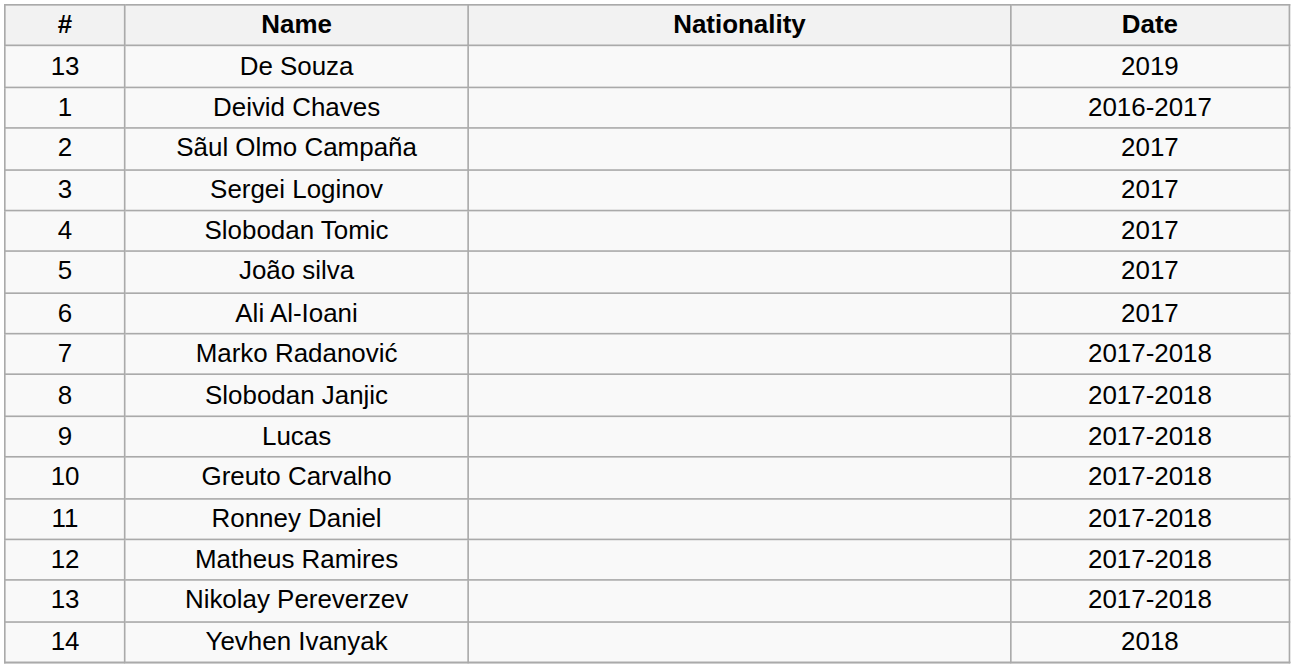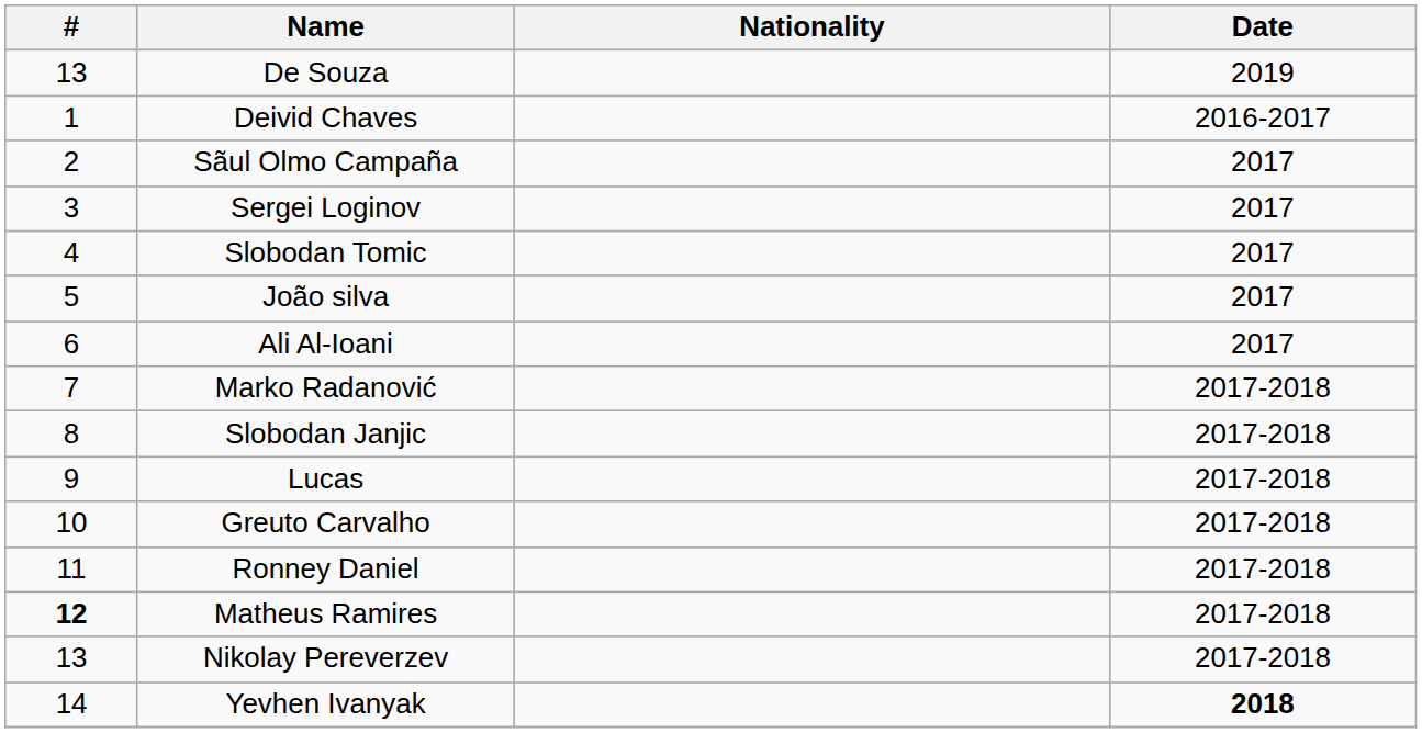 <table class="wikitable sortable" align="center" style="text-align:center;" width=40%>
 <tr bgcolor=#CCCCCC>
 <th width=2%>#</th>
 <th width=5%>Name</th>
 <th width=10%>Nationality</th>
 <th width=5%>Date</th>
 </tr>
 <tr align=center>
 <td>13</td>
 <td>De Souza</td>
 <td></td>
 <td>2019</td>
 </tr>
 <tr align=center>
 <td>1</td>
 <td>Deivid Chaves</td>
 <td></td>
 <td>2016-2017</td>
 </tr>
 <tr align=center>
 <td>2</td>
 <td>Sãul Olmo Campaña</td>
 <td></td>
 <td>2017</td>
 </tr>
 <tr align=center>
 <td>3</td>
 <td>Sergei Loginov</td>
 <td></td>
 <td>2017</td>
 </tr>
 <tr align=center>
 <td>4</td>
 <td>Slobodan Tomic</td>
 <td></td>
 <td>2017</td>
 </tr>
 <tr align=center>
 <td>5</td>
 <td>João silva</td>
 <td></td>
 <td>2017</td>
 </tr>
 <tr align=center>
 <td>6</td>
 <td>Ali Al-Ioani</td>
 <td></td>
 <td>2017</td>
 </tr>
 <tr align=center>
 <td>7</td>
 <td>Marko Radanović</td>
 <td></td>
 <td>2017-2018</td>
 </tr>
 <tr align=center>
 <td>8</td>
 <td>Slobodan Janjic</td>
 <td></td>
 <td>2017-2018</td>
 </tr>
 <tr align=center>
 <td>9</td>
 <td>Lucas</td>
 <td></td>
 <td>2017-2018</td>
 </tr>
 <tr align=center>
 <td>10</td>
 <td>Greuto Carvalho</td>
 <td></td>
 <td>2017-2018</td>
 </tr>
 <tr align=center>
 <td>11</td>
 <td>Ronney Daniel</td>
 <td></td>
 <td>2017-2018</td>
 </tr>
 <tr align=center>
-<td>12</td>
+<td><strong>12</strong></td>
 <td>Matheus Ramires</td>
 <td></td>
 <td>2017-2018</td>
 </tr>
 <tr align=center>
 <td>13</td>
 <td>Nikolay Pereverzev</td>
 <td></td>
 <td>2017-2018</td>
 </tr>
 <tr align=center>
 <td>14</td>
 <td>Yevhen Ivanyak</td>
 <td></td>
-<td>2018</td>
+<td><strong>2018</strong></td>
 </tr>
 <tr align=center>
 </tr>
 </table>
